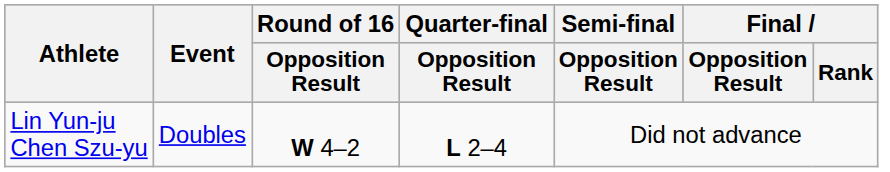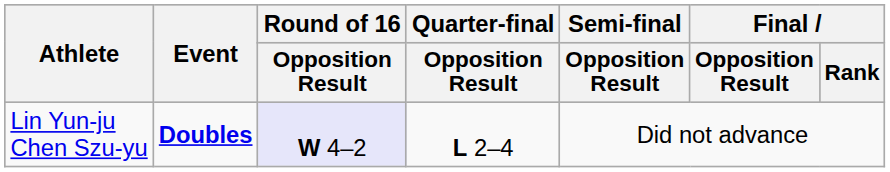 <table class="wikitable" style="font-size:90%; text-align:center">
 <tr>
 <th rowspan="2">Athlete</th>
 <th rowspan="2">Event</th>
 <th>Round of 16</th>
 <th>Quarter-final</th>
 <th>Semi-final</th>
 <th colspan="2">Final / </th>
 </tr>
 <tr style="font-size:95%">
 <th>Opposition<br>Result</th>
 <th>Opposition<br>Result</th>
 <th>Opposition<br>Result</th>
 <th>Opposition<br>Result</th>
 <th>Rank</th>
 </tr>
 <tr>
 <td align="left"><a href='#'>Lin Yun-ju</a><br><a href='#'>Chen Szu-yu</a></td>
-<td align="left"><a href='#'>Doubles</a></td>
-<td><br><strong>W</strong> 4–2</td>
+<td align="left"><strong><a href='#'>Doubles</a></strong></td>
+<td style="background: lavender;"><br><strong>W</strong> 4–2</td>
 <td><br><strong>L</strong> 2–4</td>
 <td colspan="3">Did not advance</td>
 </tr>
 </table>
